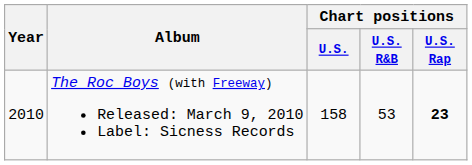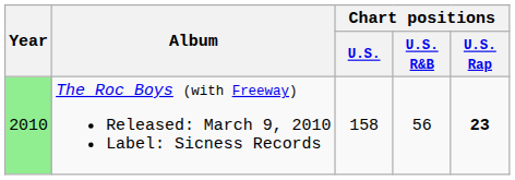 <table class="wikitable">
 <tr>
 <th rowspan="2">Year</th>
 <th rowspan="2">Album</th>
 <th colspan="3">Chart positions</th>
 </tr>
 <tr>
 <th style="text-align:center; width:40px;"><small><a href='#'>U.S.</a></small></th>
 <th style="text-align:center; width:40px;"><small><a href='#'>U.S. R&B</a></small></th>
 <th style="text-align:center; width:40px;"><small><a href='#'>U.S. Rap</a></small></th>
 </tr>
 <tr>
-<td>2010</td>
+<td style="background: lightgreen;">2010</td>
 <td><em><a href='#'>The Roc Boys</a></em> <small>(with <a href='#'>Freeway</a>)</small><br><ul><li>Released: March 9, 2010</li><li>Label: Sicness Records</li></ul></td>
 <td style="text-align:center;">158</td>
-<td style="text-align:center;">53</td>
+<td style="text-align:center;">56</td>
 <td style="text-align:center;"><strong>23</strong></td>
 </tr>
 </table>
